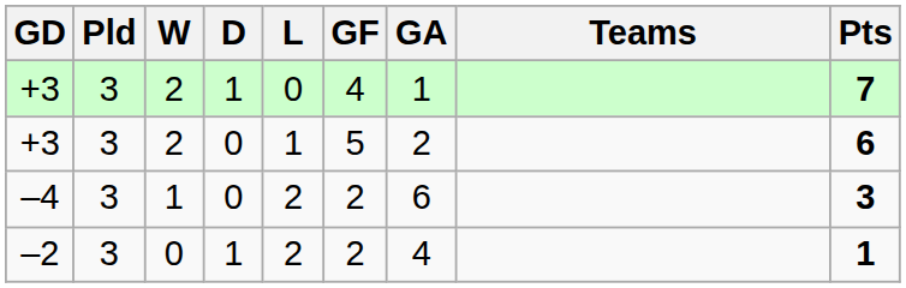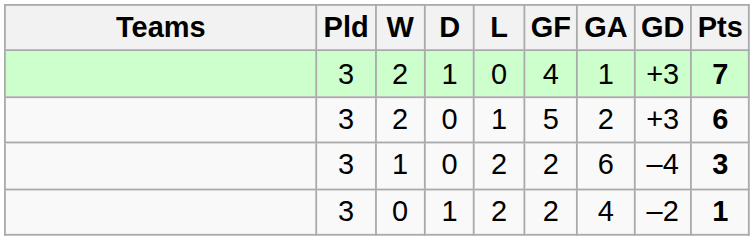 <table class="wikitable" style="text-align: center;">
 <tr>
-<th width=20>GD</th>
+<th width=165>Teams</th>
 <th width=20>Pld</th>
 <th width=20>W</th>
 <th width=20>D</th>
 <th width=20>L</th>
 <th width=20>GF</th>
 <th width=20>GA</th>
-<th width=165>Teams</th>
+<th width=20>GD</th>
 <th width=20>Pts</th>
 </tr>
 <tr align=center style="background:#ccffcc;">
-<td>+3</td>
+<td style="text-align:left;"></td>
 <td>3</td>
 <td>2</td>
 <td>1</td>
 <td>0</td>
 <td>4</td>
 <td>1</td>
-<td style="text-align:left;"></td>
+<td>+3</td>
 <td><strong>7</strong></td>
 </tr>
 <tr align=center>
-<td>+3</td>
+<td style="text-align:left;"></td>
 <td>3</td>
 <td>2</td>
 <td>0</td>
 <td>1</td>
 <td>5</td>
 <td>2</td>
-<td style="text-align:left;"></td>
+<td>+3</td>
 <td><strong>6</strong></td>
 </tr>
 <tr align=center>
-<td>–4</td>
+<td style="text-align:left;"></td>
 <td>3</td>
 <td>1</td>
 <td>0</td>
 <td>2</td>
 <td>2</td>
 <td>6</td>
-<td style="text-align:left;"></td>
+<td>–4</td>
 <td><strong>3</strong></td>
 </tr>
 <tr align=center>
-<td>–2</td>
+<td style="text-align:left;"></td>
 <td>3</td>
 <td>0</td>
 <td>1</td>
 <td>2</td>
 <td>2</td>
 <td>4</td>
-<td style="text-align:left;"></td>
+<td>–2</td>
 <td><strong>1</strong></td>
 </tr>
 </table>
